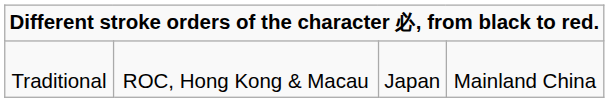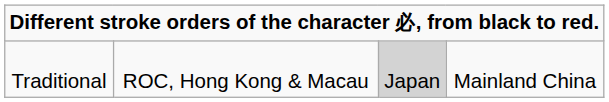 <table class="wikitable" style="float: right;">
 <tr>
 <td colspan="4" style="text-align: center;"><strong>Different stroke orders of the character 必, from black to red.</strong></td>
 </tr>
 <tr>
 <td style="text-align: center;"><br>Traditional</td>
 <td style="text-align: center;"><br>ROC, Hong Kong & Macau</td>
-<td style="text-align: center;"><br>Japan</td>
+<td style="background: lightgrey; text-align: center;"><br>Japan</td>
 <td style="text-align: center;"><br>Mainland China</td>
 </tr>
 </table>
